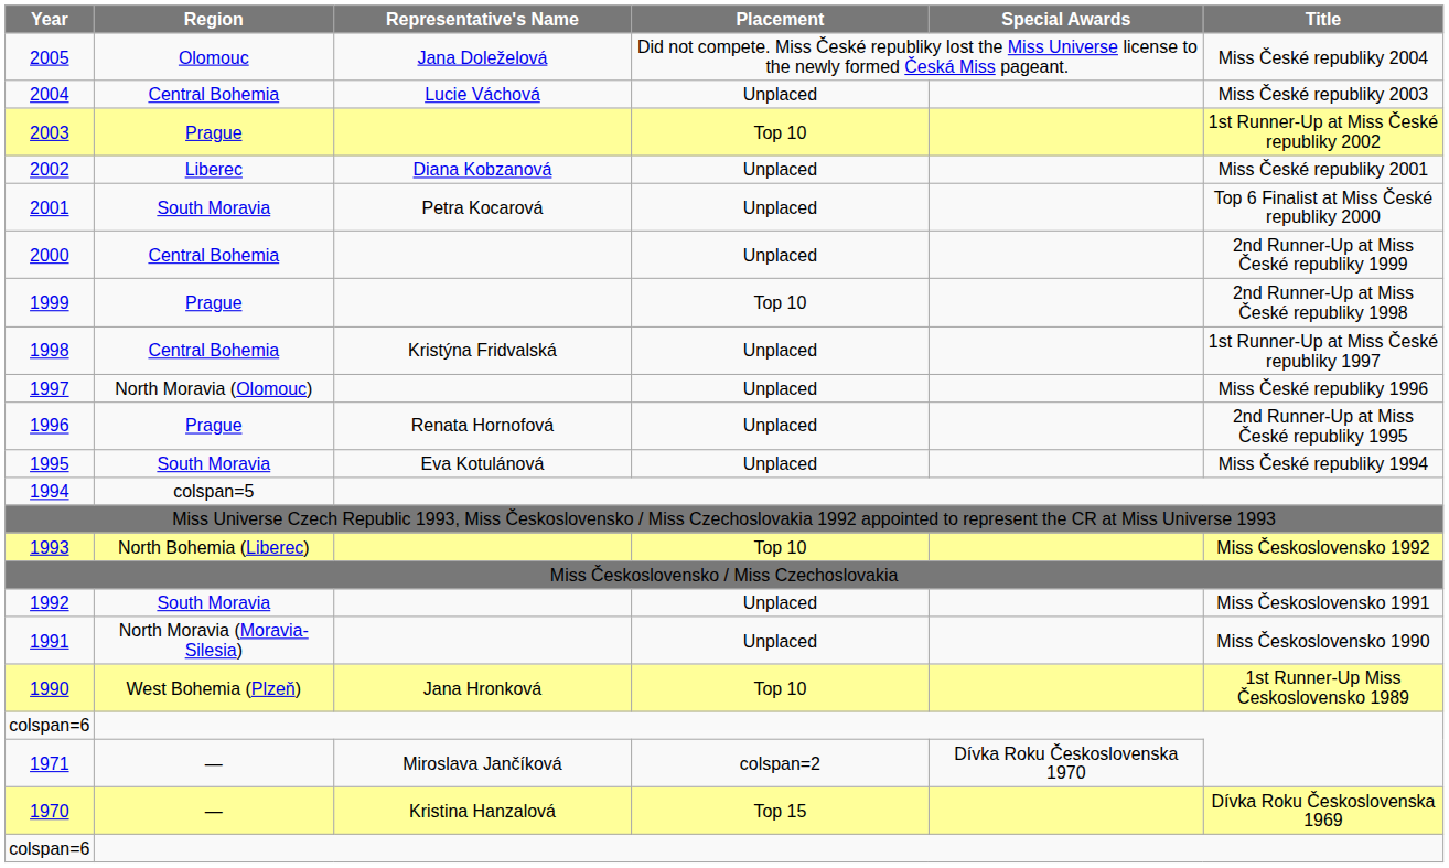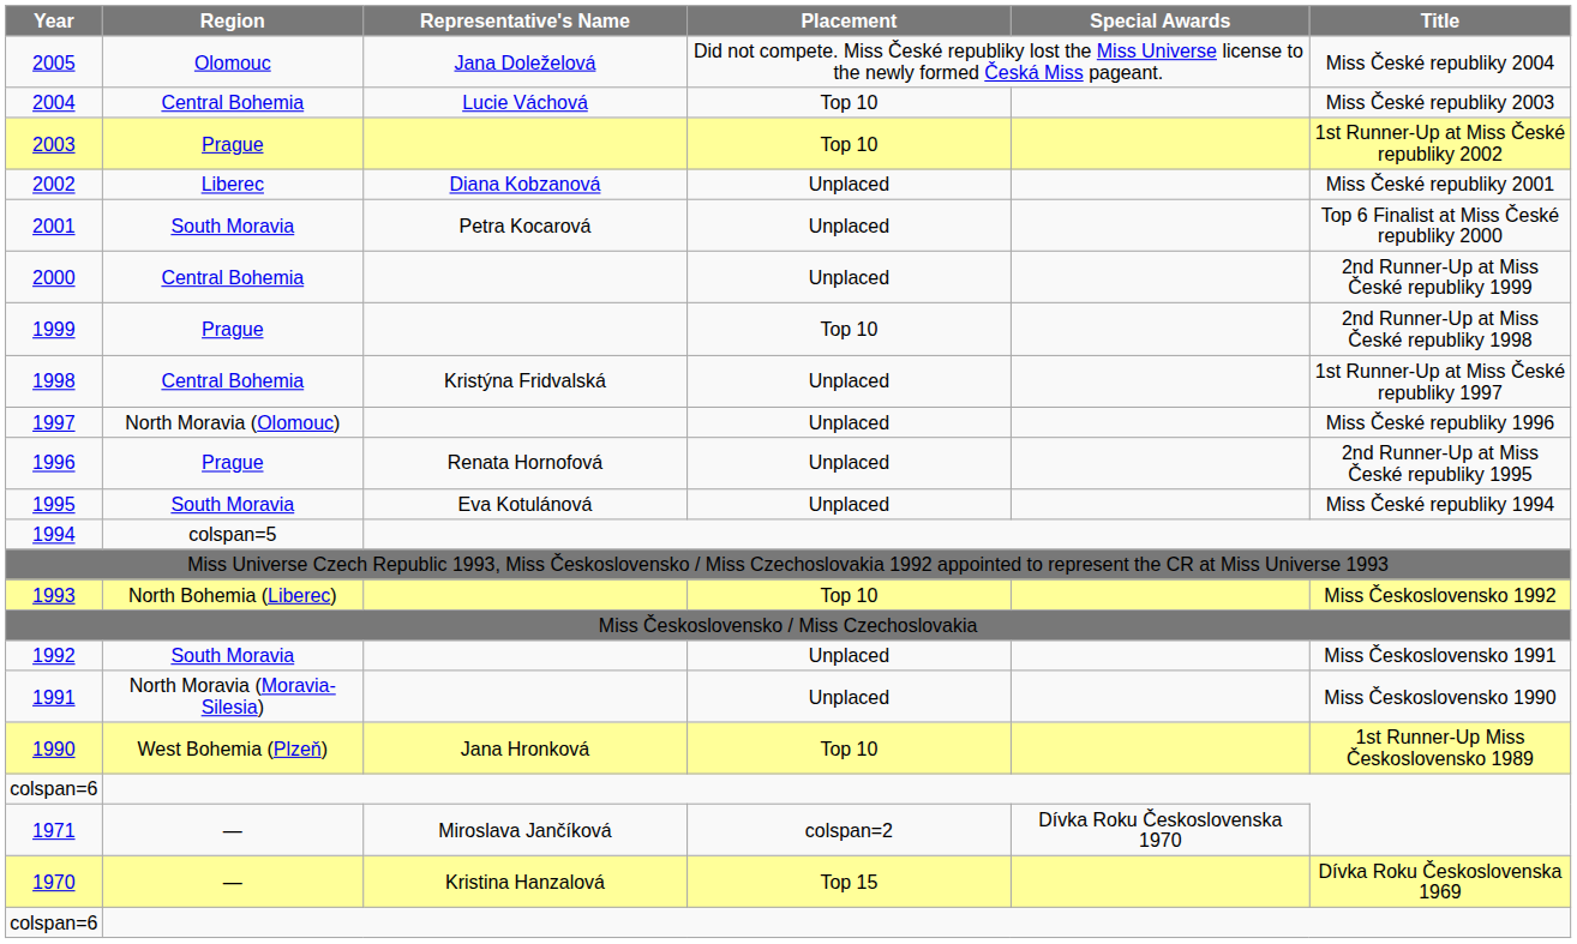 <table class="wikitable sortable" style="font-size: 95%; text-align:center">
 <tr>
 <th width="60" style="background-color:#787878;color:#FFFFFF;">Year</th>
 <th width="200" style="background-color:#787878;color:#FFFFFF;">Region</th>
 <th width="250" style="background-color:#787878;color:#FFFFFF;">Representative's Name</th>
 <th width="250" style="background-color:#787878;color:#FFFFFF;">Placement</th>
 <th width="230" style="background-color:#787878;color:#FFFFFF;">Special Awards</th>
 <th width="200" style="background-color:#787878;color:#FFFFFF;">Title</th>
 </tr>
 <tr>
 <td><a href='#'>2005</a></td>
 <td><a href='#'>Olomouc</a></td>
 <td><a href='#'>Jana Doleželová</a></td>
 <td colspan=2 align=center>Did not compete. Miss České republiky lost the <a href='#'>Miss Universe</a> license to the newly formed <a href='#'>Česká Miss</a> pageant.</td>
 <td>Miss České republiky 2004</td>
 </tr>
 <tr>
 <td><a href='#'>2004</a></td>
 <td><a href='#'>Central Bohemia</a></td>
 <td><a href='#'>Lucie Váchová</a></td>
-<td>Unplaced</td>
+<td>Top 10</td>
 <td></td>
 <td>Miss České republiky 2003</td>
 </tr>
 <tr style="background-color:#FFFF99;">
 <td><a href='#'>2003</a></td>
 <td><a href='#'>Prague</a></td>
 <td></td>
 <td>Top 10</td>
 <td></td>
 <td>1st Runner-Up at Miss České republiky 2002</td>
 </tr>
 <tr>
 <td><a href='#'>2002</a></td>
 <td><a href='#'>Liberec</a></td>
 <td><a href='#'>Diana Kobzanová</a></td>
 <td>Unplaced</td>
 <td></td>
 <td>Miss České republiky 2001</td>
 </tr>
 <tr>
 <td><a href='#'>2001</a></td>
 <td><a href='#'>South Moravia</a></td>
 <td>Petra Kocarová</td>
 <td>Unplaced</td>
 <td></td>
 <td>Top 6 Finalist at Miss České republiky 2000</td>
 </tr>
 <tr>
 <td><a href='#'>2000</a></td>
 <td><a href='#'>Central Bohemia</a></td>
 <td></td>
 <td>Unplaced</td>
 <td></td>
 <td>2nd Runner-Up at Miss České republiky 1999</td>
 </tr>
 <tr>
 <td><a href='#'>1999</a></td>
 <td><a href='#'>Prague</a></td>
 <td></td>
 <td>Top 10</td>
 <td></td>
 <td>2nd Runner-Up at Miss České republiky 1998</td>
 </tr>
 <tr>
 <td><a href='#'>1998</a></td>
 <td><a href='#'>Central Bohemia</a></td>
 <td>Kristýna Fridvalská</td>
 <td>Unplaced</td>
 <td></td>
 <td>1st Runner-Up at Miss České republiky 1997</td>
 </tr>
 <tr>
 <td><a href='#'>1997</a></td>
 <td>North Moravia (<a href='#'>Olomouc</a>)</td>
 <td></td>
 <td>Unplaced</td>
 <td></td>
 <td>Miss České republiky 1996</td>
 </tr>
 <tr>
 <td><a href='#'>1996</a></td>
 <td><a href='#'>Prague</a></td>
 <td>Renata Hornofová</td>
 <td>Unplaced</td>
 <td></td>
 <td>2nd Runner-Up at Miss České republiky 1995</td>
 </tr>
 <tr>
 <td><a href='#'>1995</a></td>
 <td><a href='#'>South Moravia</a></td>
 <td>Eva Kotulánová</td>
 <td>Unplaced</td>
 <td></td>
 <td>Miss České republiky 1994</td>
 </tr>
 <tr>
 <td><a href='#'>1994</a></td>
 <td>colspan=5 </td>
 </tr>
 <tr bgcolor="#787878" align="center">
 <td colspan="6"><span>Miss Universe Czech Republic 1993, Miss Československo / Miss Czechoslovakia 1992 appointed to represent the CR at Miss Universe 1993</span></td>
 </tr>
 <tr style="background-color:#FFFF99;">
 <td><a href='#'>1993</a></td>
 <td>North Bohemia (<a href='#'>Liberec</a>)</td>
 <td></td>
 <td>Top 10</td>
 <td></td>
 <td>Miss Československo 1992</td>
 </tr>
 <tr bgcolor="#787878" align="center">
 <td colspan="6"><span>Miss Československo / Miss Czechoslovakia</span></td>
 </tr>
 <tr>
 <td><a href='#'>1992</a></td>
 <td><a href='#'>South Moravia</a></td>
 <td></td>
 <td>Unplaced</td>
 <td></td>
 <td>Miss Československo 1991</td>
 </tr>
 <tr>
 <td><a href='#'>1991</a></td>
 <td>North Moravia (<a href='#'>Moravia-Silesia</a>)</td>
 <td></td>
 <td>Unplaced</td>
 <td></td>
 <td>Miss Československo 1990</td>
 </tr>
 <tr style="background-color:#FFFF99;">
 <td><a href='#'>1990</a></td>
 <td>West Bohemia (<a href='#'>Plzeň</a>)</td>
 <td>Jana Hronková</td>
 <td>Top 10</td>
 <td></td>
 <td>1st Runner-Up Miss Československo 1989</td>
 </tr>
 <tr>
 <td>colspan=6 </td>
 </tr>
 <tr>
 <td><a href='#'>1971</a></td>
 <td>—</td>
 <td>Miroslava Jančíková</td>
 <td>colspan=2 </td>
 <td>Dívka Roku Československa 1970</td>
 </tr>
 <tr style="background-color:#FFFF99;">
 <td><a href='#'>1970</a></td>
 <td>—</td>
 <td>Kristina Hanzalová</td>
 <td>Top 15</td>
 <td></td>
 <td>Dívka Roku Československa 1969</td>
 </tr>
 <tr>
 <td>colspan=6 </td>
 </tr>
 </table>
